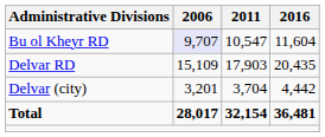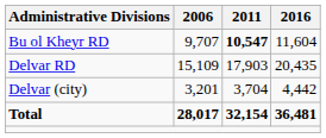 <table class="wikitable">
 <tr>
 <th>Administrative Divisions</th>
 <th>2006</th>
 <th>2011</th>
 <th>2016</th>
 </tr>
 <tr>
 <td><a href='#'>Bu ol Kheyr RD</a></td>
-<td style="background: lavender; text-align: right;">9,707</td>
-<td style="text-align: right;">10,547</td>
+<td style="text-align: right;">9,707</td>
+<td style="text-align: right;"><strong>10,547</strong></td>
 <td style="text-align: right;">11,604</td>
 </tr>
 <tr>
 <td><a href='#'>Delvar RD</a></td>
 <td style="text-align: right;">15,109</td>
 <td style="text-align: right;">17,903</td>
 <td style="text-align: right;">20,435</td>
 </tr>
 <tr>
 <td><a href='#'>Delvar</a> (city)</td>
 <td style="text-align: right;">3,201</td>
 <td style="text-align: right;">3,704</td>
 <td style="text-align: right;">4,442</td>
 </tr>
 <tr>
 <td><strong>Total</strong></td>
 <td style="text-align: right;"><strong>28,017</strong></td>
 <td style="text-align: right;"><strong>32,154</strong></td>
 <td style="text-align: right;"><strong>36,481</strong></td>
 </tr>
 <tr>
 <td colspan=4></td>
 </tr>
 </table>
